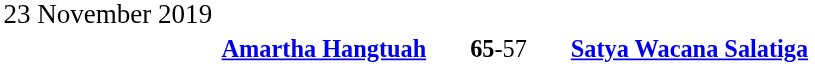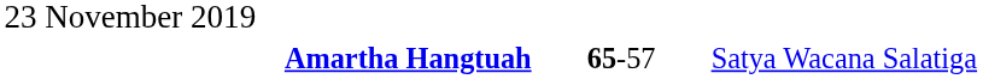 <table cellspacing="1" style="width:100%;">
 <tr>
 <td>23 November 2019</td>
 </tr>
 <tr style="font-size:90%">
 <td align="right"><a href='#'><strong>Amartha Hangtuah</strong></a></td>
 <td></td>
 <td align="center"><strong>65</strong>-57</td>
 <td></td>
-<td><strong><a href='#'>Satya Wacana Salatiga</a></strong></td>
+<td><a href='#'>Satya Wacana Salatiga</a></td>
 </tr>
 </table>
